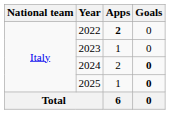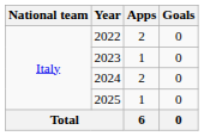 <table class="wikitable" style="text-align: center;">
 <tr>
 <th>National team</th>
 <th>Year</th>
 <th>Apps</th>
 <th>Goals</th>
 </tr>
 <tr>
 <td rowspan="4"><a href='#'>Italy</a></td>
 <td>2022</td>
-<td><strong>2</strong></td>
+<td>2</td>
 <td>0</td>
 </tr>
 <tr>
 <td>2023</td>
 <td>1</td>
 <td>0</td>
 </tr>
 <tr>
 <td>2024</td>
 <td>2</td>
-<td><strong>0</strong></td>
+<td>0</td>
 </tr>
 <tr>
 <td>2025</td>
 <td>1</td>
-<td><strong>0</strong></td>
+<td>0</td>
 </tr>
 <tr>
 <th colspan="2">Total</th>
 <th>6</th>
 <th>0</th>
 </tr>
 </table>
